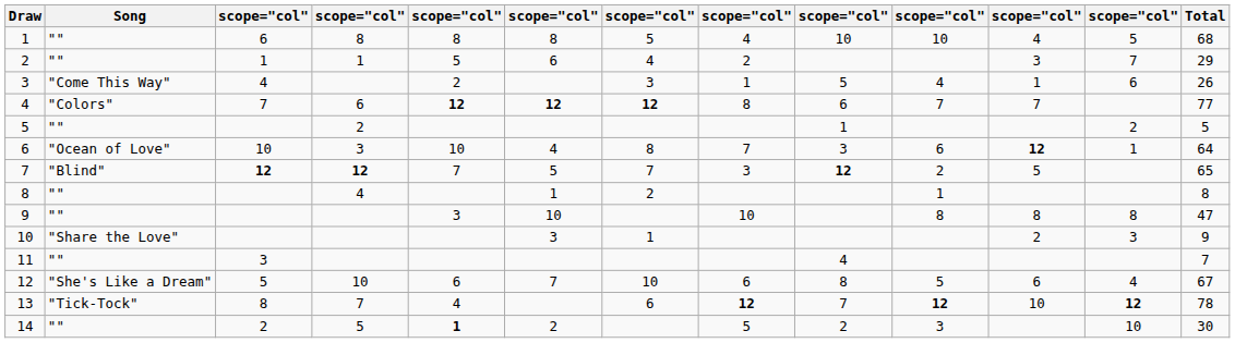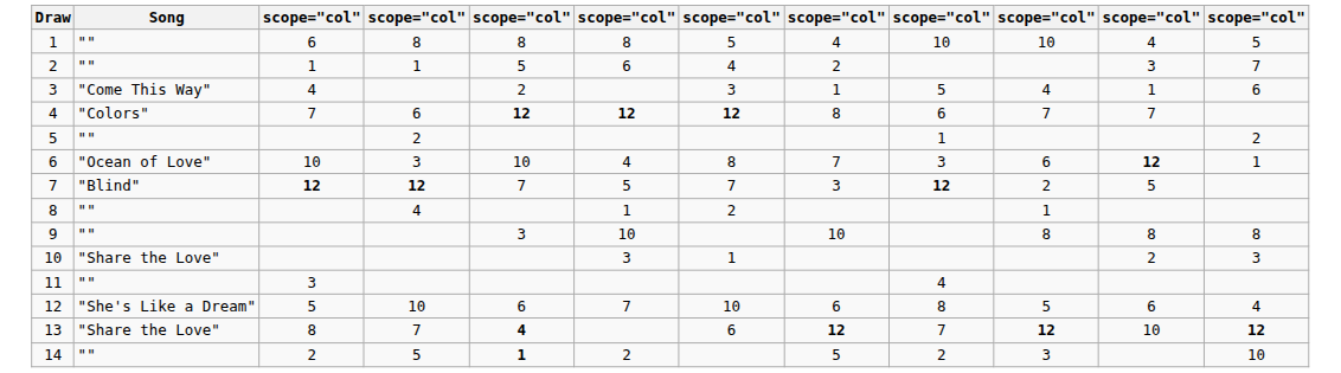 <table class="wikitable collapsible" style="margin: 1em auto 1em auto; text-align:center;">
 <tr>
 <th>Draw</th>
 <th>Song</th>
 <th>scope="col" </th>
 <th>scope="col" </th>
 <th>scope="col" </th>
 <th>scope="col" </th>
 <th>scope="col" </th>
 <th>scope="col" </th>
 <th>scope="col" </th>
 <th>scope="col" </th>
 <th>scope="col" </th>
 <th>scope="col" </th>
-<th>Total</th>
 </tr>
 <tr>
 <td>1</td>
 <td align="left">""</td>
 <td>6</td>
 <td>8</td>
 <td>8</td>
 <td>8</td>
 <td>5</td>
 <td>4</td>
 <td>10</td>
 <td>10</td>
 <td>4</td>
 <td>5</td>
-<td>68</td>
 </tr>
 <tr>
 <td>2</td>
 <td align="left">""</td>
 <td>1</td>
 <td>1</td>
 <td>5</td>
 <td>6</td>
 <td>4</td>
 <td>2</td>
 <td></td>
 <td></td>
 <td>3</td>
 <td>7</td>
-<td>29</td>
 </tr>
 <tr>
 <td>3</td>
 <td align="left">"Come This Way"</td>
 <td>4</td>
 <td></td>
 <td>2</td>
 <td></td>
 <td>3</td>
 <td>1</td>
 <td>5</td>
 <td>4</td>
 <td>1</td>
 <td>6</td>
-<td>26</td>
 </tr>
 <tr>
 <td>4</td>
 <td align="left">"Colors"</td>
 <td>7</td>
 <td>6</td>
 <td><strong>12</strong></td>
 <td><strong>12</strong></td>
 <td><strong>12</strong></td>
 <td>8</td>
 <td>6</td>
 <td>7</td>
 <td>7</td>
 <td></td>
-<td>77</td>
 </tr>
 <tr>
 <td>5</td>
 <td align="left">""</td>
 <td></td>
 <td>2</td>
 <td></td>
 <td></td>
 <td></td>
 <td></td>
 <td>1</td>
 <td></td>
 <td></td>
 <td>2</td>
-<td>5</td>
 </tr>
 <tr>
 <td>6</td>
 <td align="left">"Ocean of Love"</td>
 <td>10</td>
 <td>3</td>
 <td>10</td>
 <td>4</td>
 <td>8</td>
 <td>7</td>
 <td>3</td>
 <td>6</td>
 <td><strong>12</strong></td>
 <td>1</td>
-<td>64</td>
 </tr>
 <tr>
 <td>7</td>
 <td align="left">"Blind"</td>
 <td><strong>12</strong></td>
 <td><strong>12</strong></td>
 <td>7</td>
 <td>5</td>
 <td>7</td>
 <td>3</td>
 <td><strong>12</strong></td>
 <td>2</td>
 <td>5</td>
 <td></td>
-<td>65</td>
 </tr>
 <tr>
 <td>8</td>
 <td align="left">""</td>
 <td></td>
 <td>4</td>
 <td></td>
 <td>1</td>
 <td>2</td>
 <td></td>
 <td></td>
 <td>1</td>
 <td></td>
 <td></td>
-<td>8</td>
 </tr>
 <tr>
 <td>9</td>
 <td align="left">""</td>
 <td></td>
 <td></td>
 <td>3</td>
 <td>10</td>
 <td></td>
 <td>10</td>
 <td></td>
 <td>8</td>
 <td>8</td>
 <td>8</td>
-<td>47</td>
 </tr>
 <tr>
 <td>10</td>
 <td align="left">"Share the Love"</td>
 <td></td>
 <td></td>
 <td></td>
 <td>3</td>
 <td>1</td>
 <td></td>
 <td></td>
 <td></td>
 <td>2</td>
 <td>3</td>
-<td>9</td>
 </tr>
 <tr>
 <td>11</td>
 <td align="left">""</td>
 <td>3</td>
 <td></td>
 <td></td>
 <td></td>
 <td></td>
 <td></td>
 <td>4</td>
 <td></td>
 <td></td>
 <td></td>
-<td>7</td>
 </tr>
 <tr>
 <td>12</td>
 <td align="left">"She's Like a Dream"</td>
 <td>5</td>
 <td>10</td>
 <td>6</td>
 <td>7</td>
 <td>10</td>
 <td>6</td>
 <td>8</td>
 <td>5</td>
 <td>6</td>
 <td>4</td>
-<td>67</td>
 </tr>
 <tr>
 <td>13</td>
-<td align="left">"Tick-Tock"</td>
+<td align="left">"Share the Love"</td>
 <td>8</td>
 <td>7</td>
-<td>4</td>
+<td><strong>4</strong></td>
 <td></td>
 <td>6</td>
 <td><strong>12</strong></td>
 <td>7</td>
 <td><strong>12</strong></td>
 <td>10</td>
 <td><strong>12</strong></td>
-<td>78</td>
 </tr>
 <tr>
 <td>14</td>
 <td align="left">""</td>
 <td>2</td>
 <td>5</td>
 <td><strong>1</strong></td>
 <td>2</td>
 <td></td>
 <td>5</td>
 <td>2</td>
 <td>3</td>
 <td></td>
 <td>10</td>
-<td>30</td>
 </tr>
 </table>
